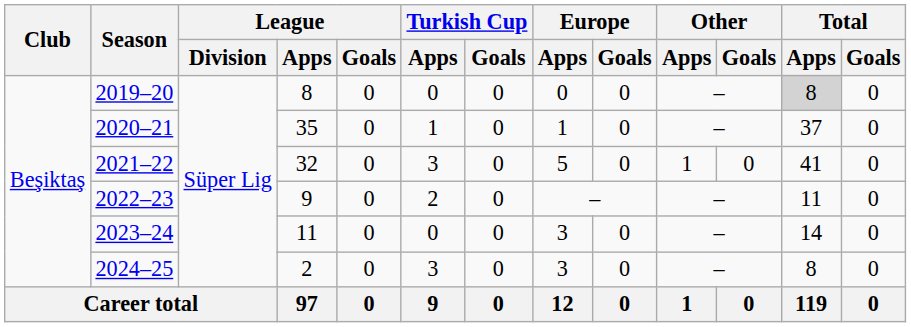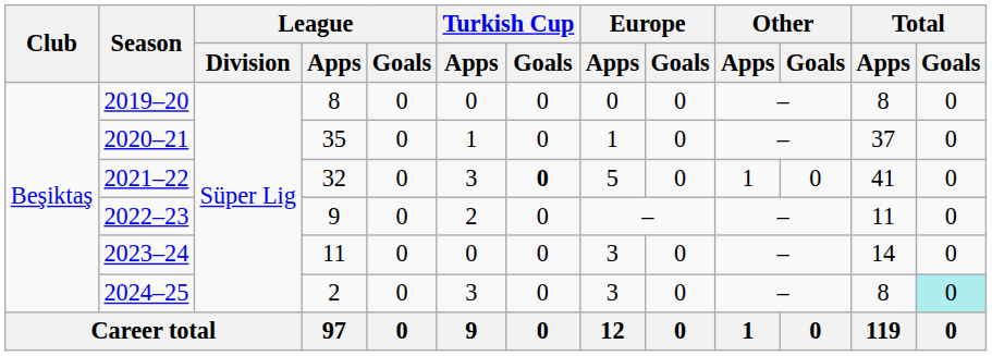 <table class="wikitable" style="text-align:center">
 <tr>
 <th rowspan="2">Club</th>
 <th rowspan="2">Season</th>
 <th colspan="3">League</th>
 <th colspan="2"><a href='#'>Turkish Cup</a></th>
 <th colspan="2">Europe</th>
 <th colspan="2">Other</th>
 <th colspan="2">Total</th>
 </tr>
 <tr>
 <th>Division</th>
 <th>Apps</th>
 <th>Goals</th>
 <th>Apps</th>
 <th>Goals</th>
 <th>Apps</th>
 <th>Goals</th>
 <th>Apps</th>
 <th>Goals</th>
 <th>Apps</th>
 <th>Goals</th>
 </tr>
 <tr>
 <td rowspan="6"><a href='#'>Beşiktaş</a></td>
 <td><a href='#'>2019–20</a></td>
 <td rowspan="6"><a href='#'>Süper Lig</a></td>
 <td>8</td>
 <td>0</td>
 <td>0</td>
 <td>0</td>
 <td>0</td>
 <td>0</td>
 <td colspan="2">–</td>
-<td style="background: lightgrey;">8</td>
+<td>8</td>
 <td>0</td>
 </tr>
 <tr>
 <td><a href='#'>2020–21</a></td>
 <td>35</td>
 <td>0</td>
 <td>1</td>
 <td>0</td>
 <td>1</td>
 <td>0</td>
 <td colspan="2">–</td>
 <td>37</td>
 <td>0</td>
 </tr>
 <tr>
 <td><a href='#'>2021–22</a></td>
 <td>32</td>
 <td>0</td>
 <td>3</td>
-<td>0</td>
+<td><strong>0</strong></td>
 <td>5</td>
 <td>0</td>
 <td>1</td>
 <td>0</td>
 <td>41</td>
 <td>0</td>
 </tr>
 <tr>
 <td><a href='#'>2022–23</a></td>
 <td>9</td>
 <td>0</td>
 <td>2</td>
 <td>0</td>
 <td colspan="2">–</td>
 <td colspan="2">–</td>
 <td>11</td>
 <td>0</td>
 </tr>
 <tr>
 <td><a href='#'>2023–24</a></td>
 <td>11</td>
 <td>0</td>
 <td>0</td>
 <td>0</td>
 <td>3</td>
 <td>0</td>
 <td colspan="2">–</td>
 <td>14</td>
 <td>0</td>
 </tr>
 <tr>
 <td><a href='#'>2024–25</a></td>
 <td>2</td>
 <td>0</td>
 <td>3</td>
 <td>0</td>
 <td>3</td>
 <td>0</td>
 <td colspan="2">–</td>
 <td>8</td>
-<td>0</td>
+<td style="background: paleturquoise;">0</td>
 </tr>
 <tr>
 <th colspan="3">Career total</th>
 <th>97</th>
 <th>0</th>
 <th>9</th>
 <th>0</th>
 <th>12</th>
 <th>0</th>
 <th>1</th>
 <th>0</th>
 <th>119</th>
 <th>0</th>
 </tr>
 </table>
